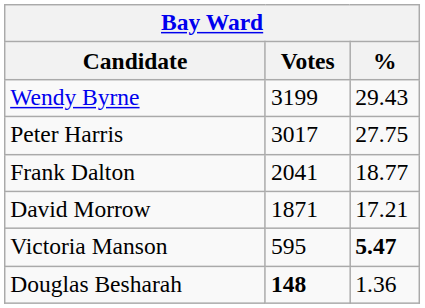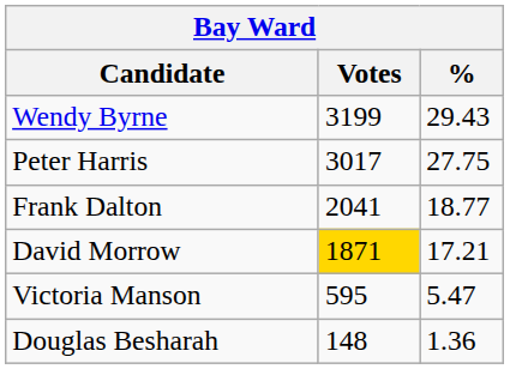 <table class="wikitable">
 <tr>
 <th colspan="3"><a href='#'>Bay Ward</a></th>
 </tr>
 <tr>
 <th style="width: 170px">Candidate</th>
 <th style="width: 50px">Votes</th>
 <th style="width: 40px">%</th>
 </tr>
 <tr>
 <td><a href='#'>Wendy Byrne</a></td>
 <td>3199</td>
 <td>29.43</td>
 </tr>
 <tr>
 <td>Peter Harris</td>
 <td>3017</td>
 <td>27.75</td>
 </tr>
 <tr>
 <td>Frank Dalton</td>
 <td>2041</td>
 <td>18.77</td>
 </tr>
 <tr>
 <td>David Morrow</td>
-<td>1871</td>
+<td style="background: gold;">1871</td>
 <td>17.21</td>
 </tr>
 <tr>
 <td>Victoria Manson</td>
 <td>595</td>
-<td><strong>5.47</strong></td>
+<td>5.47</td>
 </tr>
 <tr>
 <td>Douglas Besharah</td>
-<td><strong>148</strong></td>
+<td>148</td>
 <td>1.36</td>
 </tr>
 </table>
